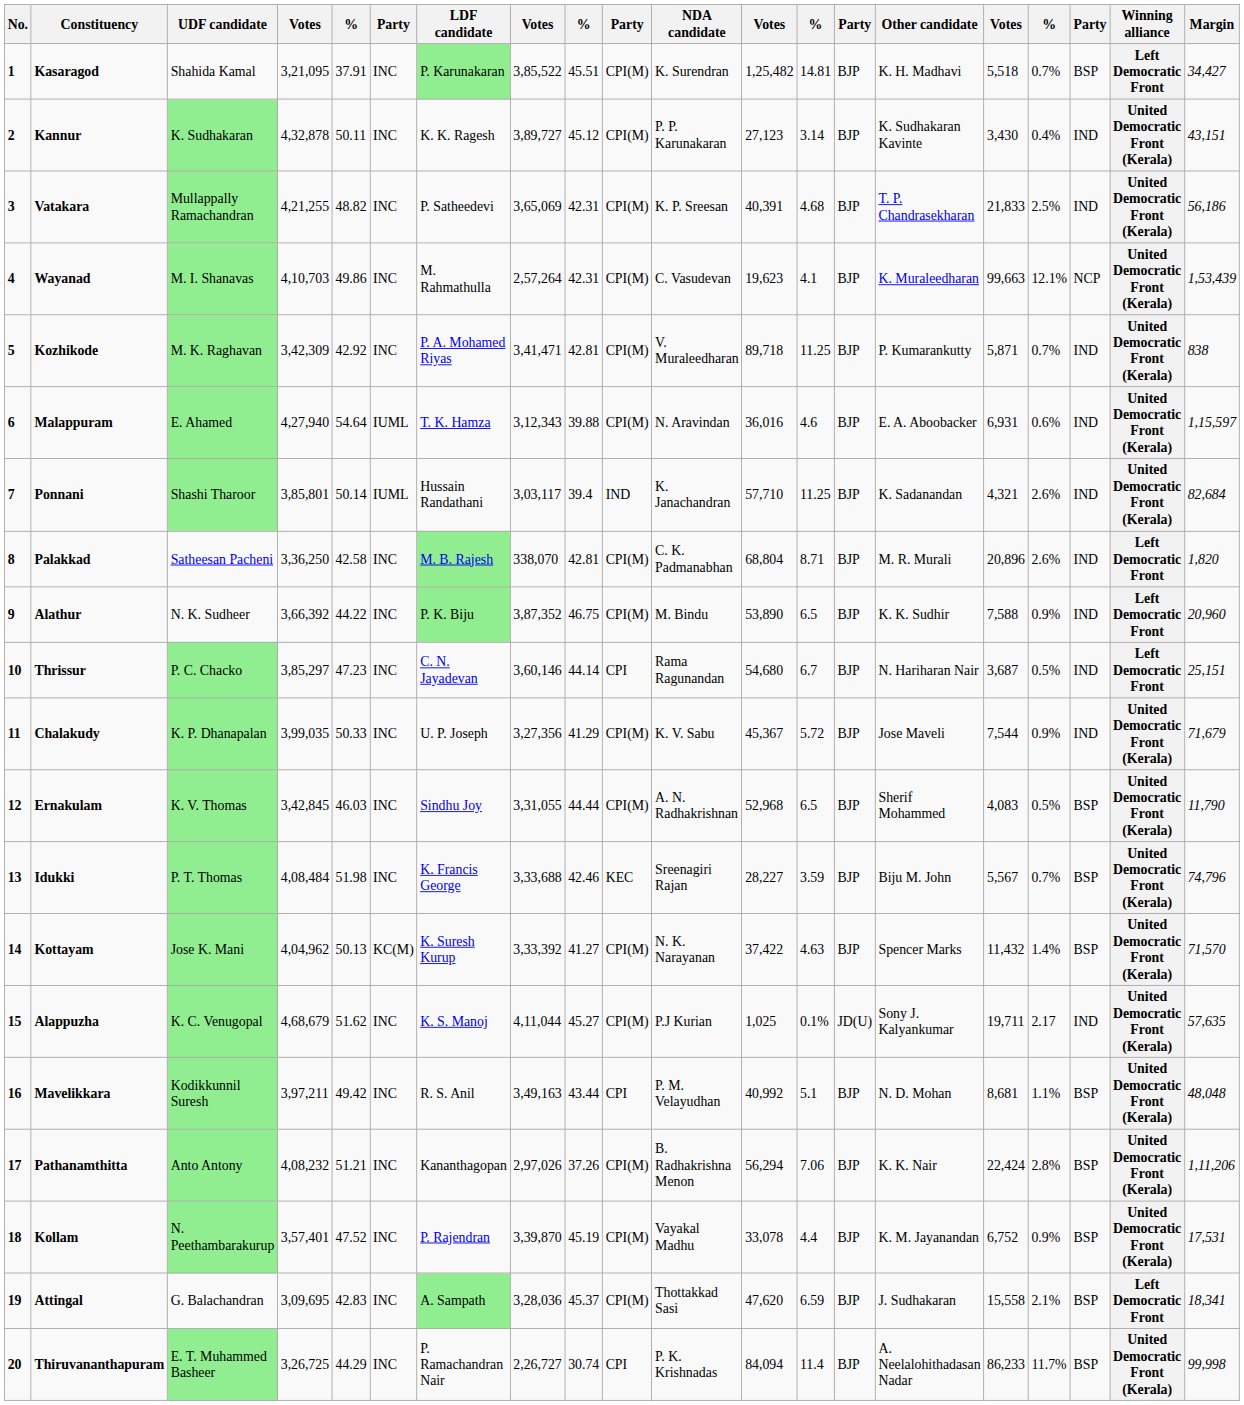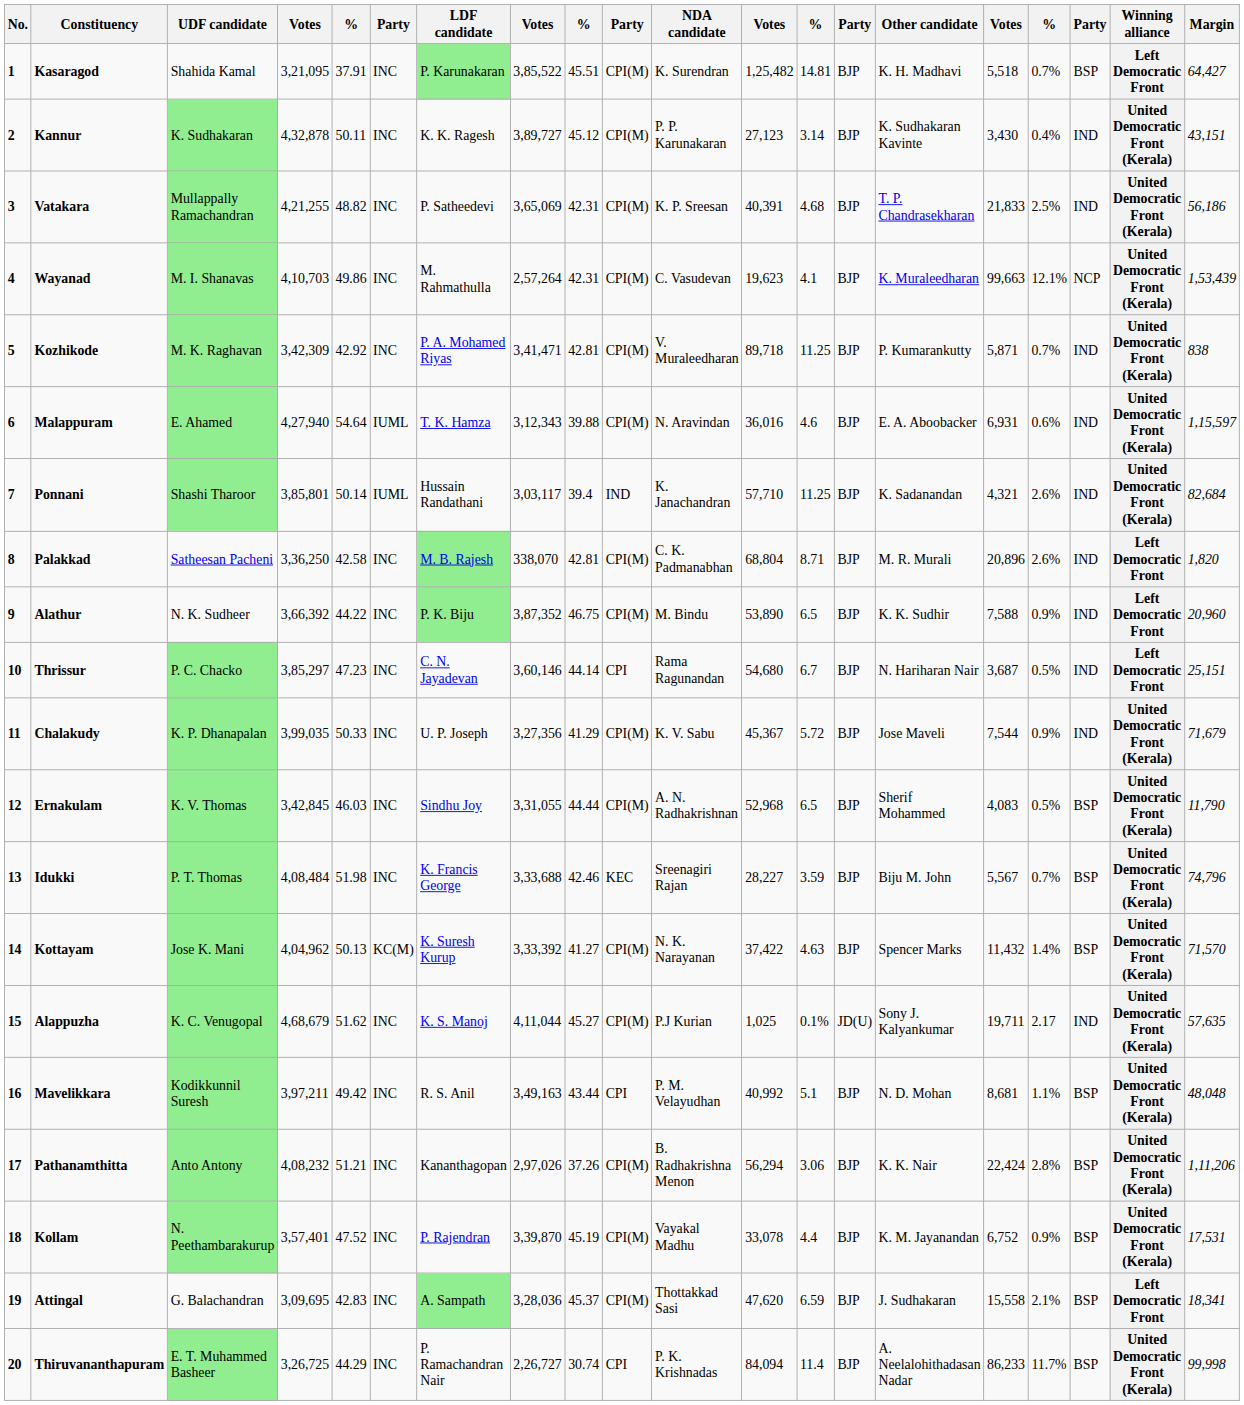 <table class="wikitable sortable" style="font-size:95%;">
 <tr>
 <th>No.</th>
 <th>Constituency</th>
 <th>UDF candidate</th>
 <th>Votes</th>
 <th>%</th>
 <th>Party</th>
 <th>LDF candidate</th>
 <th>Votes</th>
 <th>%</th>
 <th>Party</th>
 <th>NDA candidate</th>
 <th>Votes</th>
 <th>%</th>
 <th>Party</th>
 <th>Other candidate</th>
 <th>Votes</th>
 <th>%</th>
 <th>Party</th>
 <th>Winning alliance</th>
 <th>Margin</th>
 </tr>
 <tr>
 <td><strong>1</strong></td>
 <td><strong>Kasaragod</strong></td>
 <td>Shahida Kamal</td>
 <td>3,21,095</td>
 <td>37.91</td>
 <td>INC</td>
 <td style="background:lightgreen;">P. Karunakaran</td>
 <td>3,85,522</td>
 <td>45.51</td>
 <td>CPI(M)</td>
 <td>K. Surendran</td>
 <td>1,25,482</td>
 <td>14.81</td>
 <td>BJP</td>
 <td>K. H. Madhavi</td>
 <td>5,518</td>
 <td>0.7%</td>
 <td>BSP</td>
 <th style="background:">Left Democratic Front</th>
-<td><em>34,427</em></td>
+<td><em>64,427</em></td>
 </tr>
 <tr>
 <td><strong>2</strong></td>
 <td><strong>Kannur</strong></td>
 <td style="background:lightgreen;">K. Sudhakaran</td>
 <td>4,32,878</td>
 <td>50.11</td>
 <td>INC</td>
 <td>K. K. Ragesh</td>
 <td>3,89,727</td>
 <td>45.12</td>
 <td>CPI(M)</td>
 <td>P. P. Karunakaran</td>
 <td>27,123</td>
 <td>3.14</td>
 <td>BJP</td>
 <td>K. Sudhakaran Kavinte</td>
 <td>3,430</td>
 <td>0.4%</td>
 <td>IND</td>
 <th style="background:">United Democratic Front (Kerala)</th>
 <td><em>43,151</em></td>
 </tr>
 <tr>
 <td><strong>3</strong></td>
 <td><strong>Vatakara</strong></td>
 <td style="background:lightgreen;">Mullappally Ramachandran</td>
 <td>4,21,255</td>
 <td>48.82</td>
 <td>INC</td>
 <td>P. Satheedevi</td>
 <td>3,65,069</td>
 <td>42.31</td>
 <td>CPI(M)</td>
 <td>K. P. Sreesan</td>
 <td>40,391</td>
 <td>4.68</td>
 <td>BJP</td>
 <td><a href='#'>T. P. Chandrasekharan</a></td>
 <td>21,833</td>
 <td>2.5%</td>
 <td>IND</td>
 <th style="background:">United Democratic Front (Kerala)</th>
 <td><em>56,186</em></td>
 </tr>
 <tr>
 <td><strong>4</strong></td>
 <td><strong>Wayanad</strong></td>
 <td style="background:lightgreen;">M. I. Shanavas</td>
 <td>4,10,703</td>
 <td>49.86</td>
 <td>INC</td>
 <td>M. Rahmathulla</td>
 <td>2,57,264</td>
 <td>42.31</td>
 <td>CPI(M)</td>
 <td>C. Vasudevan</td>
 <td>19,623</td>
 <td>4.1</td>
 <td>BJP</td>
 <td><a href='#'>K. Muraleedharan</a></td>
 <td>99,663</td>
 <td>12.1%</td>
 <td>NCP</td>
 <th style="background:">United Democratic Front (Kerala)</th>
 <td><em>1,53,439</em></td>
 </tr>
 <tr>
 <td><strong>5</strong></td>
 <td><strong>Kozhikode</strong></td>
 <td style="background:lightgreen;">M. K. Raghavan</td>
 <td>3,42,309</td>
 <td>42.92</td>
 <td>INC</td>
 <td><a href='#'>P. A. Mohamed Riyas</a></td>
 <td>3,41,471</td>
 <td>42.81</td>
 <td>CPI(M)</td>
 <td>V. Muraleedharan</td>
 <td>89,718</td>
 <td>11.25</td>
 <td>BJP</td>
 <td>P. Kumarankutty</td>
 <td>5,871</td>
 <td>0.7%</td>
 <td>IND</td>
 <th style="background:">United Democratic Front (Kerala)</th>
 <td><em>838</em></td>
 </tr>
 <tr>
 <td><strong>6</strong></td>
 <td><strong>Malappuram</strong></td>
 <td style="background:lightgreen;">E. Ahamed</td>
 <td>4,27,940</td>
 <td>54.64</td>
 <td>IUML</td>
 <td><a href='#'>T. K. Hamza</a></td>
 <td>3,12,343</td>
 <td>39.88</td>
 <td>CPI(M)</td>
 <td>N. Aravindan</td>
 <td>36,016</td>
 <td>4.6</td>
 <td>BJP</td>
 <td>E. A. Aboobacker</td>
 <td>6,931</td>
 <td>0.6%</td>
 <td>IND</td>
 <th style="background:">United Democratic Front (Kerala)</th>
 <td><em>1,15,597</em></td>
 </tr>
 <tr>
 <td><strong>7</strong></td>
 <td><strong>Ponnani</strong></td>
 <td style="background:lightgreen;">Shashi Tharoor</td>
 <td>3,85,801</td>
 <td>50.14</td>
 <td>IUML</td>
 <td>Hussain Randathani</td>
 <td>3,03,117</td>
 <td>39.4</td>
 <td>IND</td>
 <td>K. Janachandran</td>
 <td>57,710</td>
 <td>11.25</td>
 <td>BJP</td>
 <td>K. Sadanandan</td>
 <td>4,321</td>
 <td>2.6%</td>
 <td>IND</td>
 <th style="background:">United Democratic Front (Kerala)</th>
 <td><em>82,684</em></td>
 </tr>
 <tr>
 <td><strong>8</strong></td>
 <td><strong>Palakkad</strong></td>
 <td><a href='#'>Satheesan Pacheni</a></td>
 <td>3,36,250</td>
 <td>42.58</td>
 <td>INC</td>
 <td style="background:lightgreen;"><a href='#'>M. B. Rajesh</a></td>
 <td>338,070</td>
 <td>42.81</td>
 <td>CPI(M)</td>
 <td>C. K. Padmanabhan</td>
 <td>68,804</td>
 <td>8.71</td>
 <td>BJP</td>
 <td>M. R. Murali</td>
 <td>20,896</td>
 <td>2.6%</td>
 <td>IND</td>
 <th style="background:">Left Democratic Front</th>
 <td><em>1,820</em></td>
 </tr>
 <tr>
 <td><strong>9</strong></td>
 <td><strong>Alathur</strong></td>
 <td>N. K. Sudheer</td>
 <td>3,66,392</td>
 <td>44.22</td>
 <td>INC</td>
 <td style="background:lightgreen;">P. K. Biju</td>
 <td>3,87,352</td>
 <td>46.75</td>
 <td>CPI(M)</td>
 <td>M. Bindu</td>
 <td>53,890</td>
 <td>6.5</td>
 <td>BJP</td>
 <td>K. K. Sudhir</td>
 <td>7,588</td>
 <td>0.9%</td>
 <td>IND</td>
 <th style="background:">Left Democratic Front</th>
 <td><em>20,960</em></td>
 </tr>
 <tr>
 <td><strong>10</strong></td>
 <td><strong>Thrissur</strong></td>
 <td style="background:lightgreen;">P. C. Chacko</td>
 <td>3,85,297</td>
 <td>47.23</td>
 <td>INC</td>
 <td><a href='#'>C. N. Jayadevan</a></td>
 <td>3,60,146</td>
 <td>44.14</td>
 <td>CPI</td>
 <td>Rama Ragunandan</td>
 <td>54,680</td>
 <td>6.7</td>
 <td>BJP</td>
 <td>N. Hariharan Nair</td>
 <td>3,687</td>
 <td>0.5%</td>
 <td>IND</td>
 <th style="background:">Left Democratic Front</th>
 <td><em>25,151</em></td>
 </tr>
 <tr>
 <td><strong>11</strong></td>
 <td><strong>Chalakudy</strong></td>
 <td style="background:lightgreen;">K. P. Dhanapalan</td>
 <td>3,99,035</td>
 <td>50.33</td>
 <td>INC</td>
 <td>U. P. Joseph</td>
 <td>3,27,356</td>
 <td>41.29</td>
 <td>CPI(M)</td>
 <td>K. V. Sabu</td>
 <td>45,367</td>
 <td>5.72</td>
 <td>BJP</td>
 <td>Jose Maveli</td>
 <td>7,544</td>
 <td>0.9%</td>
 <td>IND</td>
 <th style="background:">United Democratic Front (Kerala)</th>
 <td><em>71,679</em></td>
 </tr>
 <tr>
 <td><strong>12</strong></td>
 <td><strong>Ernakulam</strong></td>
 <td style="background:lightgreen;">K. V. Thomas</td>
 <td>3,42,845</td>
 <td>46.03</td>
 <td>INC</td>
 <td><a href='#'>Sindhu Joy</a></td>
 <td>3,31,055</td>
 <td>44.44</td>
 <td>CPI(M)</td>
 <td>A. N. Radhakrishnan</td>
 <td>52,968</td>
 <td>6.5</td>
 <td>BJP</td>
 <td>Sherif Mohammed</td>
 <td>4,083</td>
 <td>0.5%</td>
 <td>BSP</td>
 <th style="background:">United Democratic Front (Kerala)</th>
 <td><em>11,790</em></td>
 </tr>
 <tr>
 <td><strong>13</strong></td>
 <td><strong>Idukki</strong></td>
 <td style="background:lightgreen;">P. T. Thomas</td>
 <td>4,08,484</td>
 <td>51.98</td>
 <td>INC</td>
 <td><a href='#'>K. Francis George</a></td>
 <td>3,33,688</td>
 <td>42.46</td>
 <td>KEC</td>
 <td>Sreenagiri Rajan</td>
 <td>28,227</td>
 <td>3.59</td>
 <td>BJP</td>
 <td>Biju M. John</td>
 <td>5,567</td>
 <td>0.7%</td>
 <td>BSP</td>
 <th style="background:">United Democratic Front (Kerala)</th>
 <td><em>74,796</em></td>
 </tr>
 <tr>
 <td><strong>14</strong></td>
 <td><strong>Kottayam</strong></td>
 <td style="background:lightgreen;">Jose K. Mani</td>
 <td>4,04,962</td>
 <td>50.13</td>
 <td>KC(M)</td>
 <td><a href='#'>K. Suresh Kurup</a></td>
 <td>3,33,392</td>
 <td>41.27</td>
 <td>CPI(M)</td>
 <td>N. K. Narayanan</td>
 <td>37,422</td>
 <td>4.63</td>
 <td>BJP</td>
 <td>Spencer Marks</td>
 <td>11,432</td>
 <td>1.4%</td>
 <td>BSP</td>
 <th style="background:">United Democratic Front (Kerala)</th>
 <td><em>71,570</em></td>
 </tr>
 <tr>
 <td><strong>15</strong></td>
 <td><strong>Alappuzha</strong></td>
 <td style="background:lightgreen;">K. C. Venugopal</td>
 <td>4,68,679</td>
 <td>51.62</td>
 <td>INC</td>
 <td><a href='#'>K. S. Manoj</a></td>
 <td>4,11,044</td>
 <td>45.27</td>
 <td>CPI(M)</td>
 <td>P.J Kurian</td>
 <td>1,025</td>
 <td>0.1%</td>
 <td>JD(U)</td>
 <td>Sony J. Kalyankumar</td>
 <td>19,711</td>
 <td>2.17</td>
 <td>IND</td>
 <th style="background:">United Democratic Front (Kerala)</th>
 <td><em>57,635</em></td>
 </tr>
 <tr>
 <td><strong>16</strong></td>
 <td><strong>Mavelikkara</strong></td>
 <td style="background:lightgreen;">Kodikkunnil Suresh</td>
 <td>3,97,211</td>
 <td>49.42</td>
 <td>INC</td>
 <td>R. S. Anil</td>
 <td>3,49,163</td>
 <td>43.44</td>
 <td>CPI</td>
 <td>P. M. Velayudhan</td>
 <td>40,992</td>
 <td>5.1</td>
 <td>BJP</td>
 <td>N. D. Mohan</td>
 <td>8,681</td>
 <td>1.1%</td>
 <td>BSP</td>
 <th style="background:">United Democratic Front (Kerala)</th>
 <td><em>48,048</em></td>
 </tr>
 <tr>
 <td><strong>17</strong></td>
 <td><strong>Pathanamthitta</strong></td>
 <td style="background:lightgreen;">Anto Antony</td>
 <td>4,08,232</td>
 <td>51.21</td>
 <td>INC</td>
 <td>Kananthagopan</td>
 <td>2,97,026</td>
 <td>37.26</td>
 <td>CPI(M)</td>
 <td>B. Radhakrishna Menon</td>
 <td>56,294</td>
-<td>7.06</td>
+<td>3.06</td>
 <td>BJP</td>
 <td>K. K. Nair</td>
 <td>22,424</td>
 <td>2.8%</td>
 <td>BSP</td>
 <th style="background:">United Democratic Front (Kerala)</th>
 <td><em>1,11,206</em></td>
 </tr>
 <tr>
 <td><strong>18</strong></td>
 <td><strong>Kollam</strong></td>
 <td style="background:lightgreen;">N. Peethambarakurup</td>
 <td>3,57,401</td>
 <td>47.52</td>
 <td>INC</td>
 <td><a href='#'>P. Rajendran</a></td>
 <td>3,39,870</td>
 <td>45.19</td>
 <td>CPI(M)</td>
 <td>Vayakal Madhu</td>
 <td>33,078</td>
 <td>4.4</td>
 <td>BJP</td>
 <td>K. M. Jayanandan</td>
 <td>6,752</td>
 <td>0.9%</td>
 <td>BSP</td>
 <th style="background:">United Democratic Front (Kerala)</th>
 <td><em>17,531</em></td>
 </tr>
 <tr>
 <td><strong>19</strong></td>
 <td><strong>Attingal</strong></td>
 <td>G. Balachandran</td>
 <td>3,09,695</td>
 <td>42.83</td>
 <td>INC</td>
 <td style="background:lightgreen;">A. Sampath</td>
 <td>3,28,036</td>
 <td>45.37</td>
 <td>CPI(M)</td>
 <td>Thottakkad Sasi</td>
 <td>47,620</td>
 <td>6.59</td>
 <td>BJP</td>
 <td>J. Sudhakaran</td>
 <td>15,558</td>
 <td>2.1%</td>
 <td>BSP</td>
 <th style="background:">Left Democratic Front</th>
 <td><em>18,341</em></td>
 </tr>
 <tr>
 <td><strong>20</strong></td>
 <td><strong>Thiruvananthapuram</strong></td>
 <td style="background:lightgreen;">E. T. Muhammed Basheer</td>
 <td>3,26,725</td>
 <td>44.29</td>
 <td>INC</td>
 <td>P. Ramachandran Nair</td>
 <td>2,26,727</td>
 <td>30.74</td>
 <td>CPI</td>
 <td>P. K. Krishnadas</td>
 <td>84,094</td>
 <td>11.4</td>
 <td>BJP</td>
 <td>A. Neelalohithadasan Nadar</td>
 <td>86,233</td>
 <td>11.7%</td>
 <td>BSP</td>
 <th style="background:">United Democratic Front (Kerala)</th>
 <td><em>99,998</em></td>
 </tr>
 </table>
